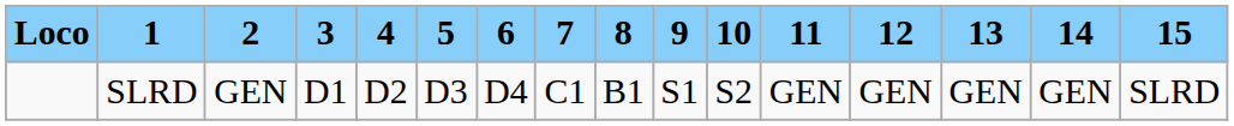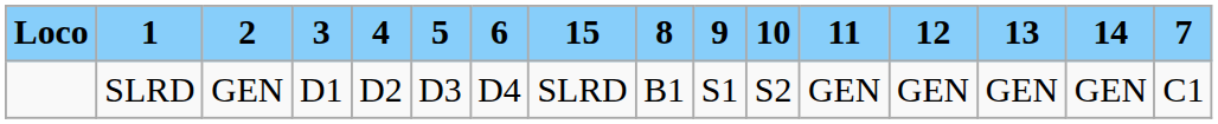 <table class="wikitable plainrowheaders unsortable" style="text-align:center">
 <tr>
 <th scope="col" rowspan="1" style="background:lightskyblue;">Loco</th>
 <th scope="col" rowspan="1" style="background:lightskyblue;">1</th>
 <th scope="col" rowspan="1" style="background:lightskyblue;">2</th>
 <th scope="col" rowspan="1" style="background:lightskyblue;">3</th>
 <th scope="col" rowspan="1" style="background:lightskyblue;">4</th>
 <th scope="col" rowspan="1" style="background:lightskyblue;">5</th>
 <th scope="col" rowspan="1" style="background:lightskyblue;">6</th>
-<th scope="col" rowspan="1" style="background:lightskyblue;">7</th>
+<th scope="col" rowspan="1" style="background:lightskyblue;">15</th>
 <th scope="col" rowspan="1" style="background:lightskyblue;">8</th>
 <th scope="col" rowspan="1" style="background:lightskyblue;">9</th>
 <th scope="col" rowspan="1" style="background:lightskyblue;">10</th>
 <th scope="col" rowspan="1" style="background:lightskyblue;">11</th>
 <th scope="col" rowspan="1" style="background:lightskyblue;">12</th>
 <th scope="col" rowspan="1" style="background:lightskyblue;">13</th>
 <th scope="col" rowspan="1" style="background:lightskyblue;">14</th>
-<th scope="col" rowspan="1" style="background:lightskyblue;">15</th>
+<th scope="col" rowspan="1" style="background:lightskyblue;">7</th>
 </tr>
 <tr>
 <td></td>
 <td>SLRD</td>
 <td>GEN</td>
 <td>D1</td>
 <td>D2</td>
 <td>D3</td>
 <td>D4</td>
-<td>C1</td>
+<td>SLRD</td>
 <td>B1</td>
 <td>S1</td>
 <td>S2</td>
 <td>GEN</td>
 <td>GEN</td>
 <td>GEN</td>
 <td>GEN</td>
-<td>SLRD</td>
+<td>C1</td>
 </tr>
 </table>
